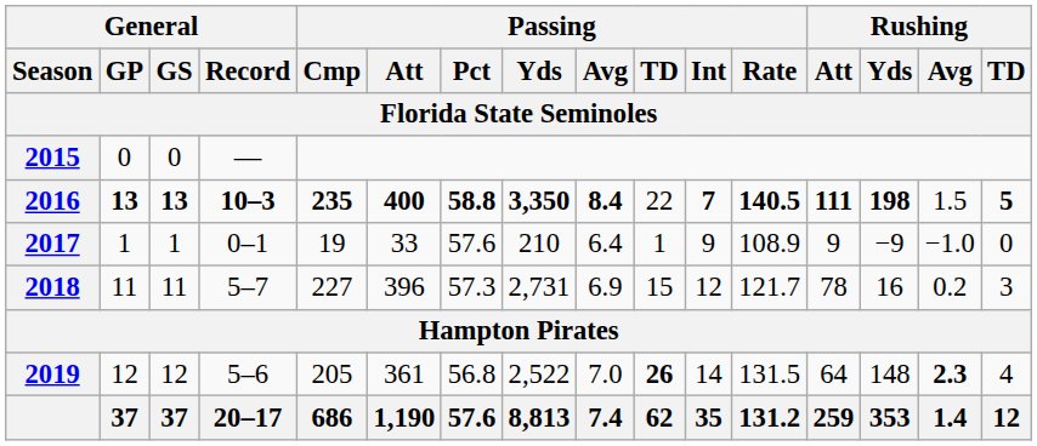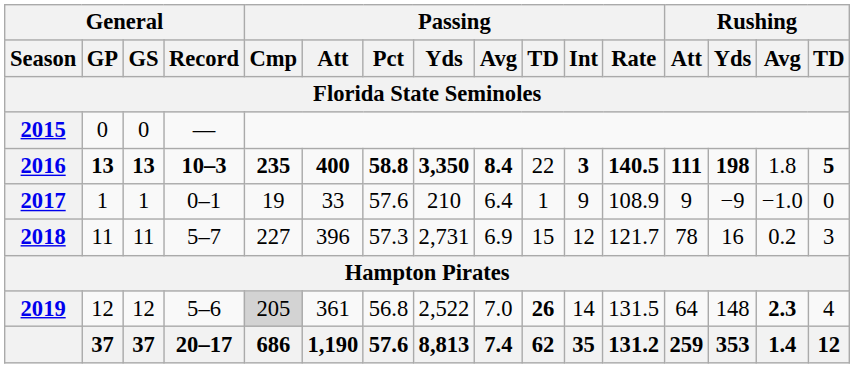 <table class="wikitable" style="text-align:center;">
 <tr>
 <th colspan="4">General</th>
 <th colspan="8">Passing</th>
 <th colspan="4">Rushing</th>
 </tr>
 <tr>
 <th>Season</th>
 <th>GP</th>
 <th>GS</th>
 <th>Record</th>
 <th>Cmp</th>
 <th>Att</th>
 <th>Pct</th>
 <th>Yds</th>
 <th>Avg</th>
 <th>TD</th>
 <th>Int</th>
 <th>Rate</th>
 <th>Att</th>
 <th>Yds</th>
 <th>Avg</th>
 <th>TD</th>
 </tr>
 <tr>
 <th colspan="16">Florida State Seminoles</th>
 </tr>
 <tr>
 <th><a href='#'>2015</a></th>
 <td>0</td>
 <td>0</td>
 <td>―</td>
 <td colspan="12"><em></em></td>
 </tr>
 <tr>
 <th><a href='#'>2016</a></th>
 <td><strong>13</strong></td>
 <td><strong>13</strong></td>
 <td><strong>10–3</strong></td>
 <td><strong>235</strong></td>
 <td><strong>400</strong></td>
 <td><strong>58.8</strong></td>
 <td><strong>3,350</strong></td>
 <td><strong>8.4</strong></td>
 <td>22</td>
-<td><strong>7</strong></td>
+<td><strong>3</strong></td>
 <td><strong>140.5</strong></td>
 <td><strong>111</strong></td>
 <td><strong>198</strong></td>
-<td>1.5</td>
+<td>1.8</td>
 <td><strong>5</strong></td>
 </tr>
 <tr>
 <th><a href='#'>2017</a></th>
 <td>1</td>
 <td>1</td>
 <td>0–1</td>
 <td>19</td>
 <td>33</td>
 <td>57.6</td>
 <td>210</td>
 <td>6.4</td>
 <td>1</td>
 <td>9</td>
 <td>108.9</td>
 <td>9</td>
 <td>−9</td>
 <td>−1.0</td>
 <td>0</td>
 </tr>
 <tr>
 <th><a href='#'>2018</a></th>
 <td>11</td>
 <td>11</td>
 <td>5–7</td>
 <td>227</td>
 <td>396</td>
 <td>57.3</td>
 <td>2,731</td>
 <td>6.9</td>
 <td>15</td>
 <td>12</td>
 <td>121.7</td>
 <td>78</td>
 <td>16</td>
 <td>0.2</td>
 <td>3</td>
 </tr>
 <tr>
 <th colspan="16">Hampton Pirates</th>
 </tr>
 <tr>
 <th><a href='#'>2019</a></th>
 <td>12</td>
 <td>12</td>
 <td>5–6</td>
-<td>205</td>
+<td style="background: lightgrey;">205</td>
 <td>361</td>
 <td>56.8</td>
 <td>2,522</td>
 <td>7.0</td>
 <td><strong>26</strong></td>
 <td>14</td>
 <td>131.5</td>
 <td>64</td>
 <td>148</td>
 <td><strong>2.3</strong></td>
 <td>4</td>
 </tr>
 <tr>
 <th></th>
 <th>37</th>
 <th>37</th>
 <th>20–17</th>
 <th>686</th>
 <th>1,190</th>
 <th>57.6</th>
 <th>8,813</th>
 <th>7.4</th>
 <th>62</th>
 <th>35</th>
 <th>131.2</th>
 <th>259</th>
 <th>353</th>
 <th>1.4</th>
 <th>12</th>
 </tr>
 </table>
